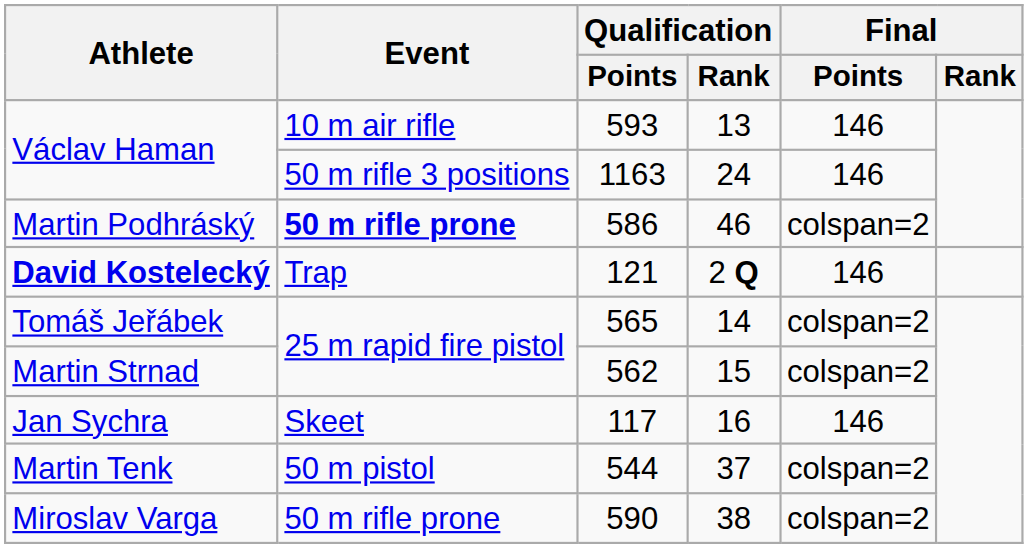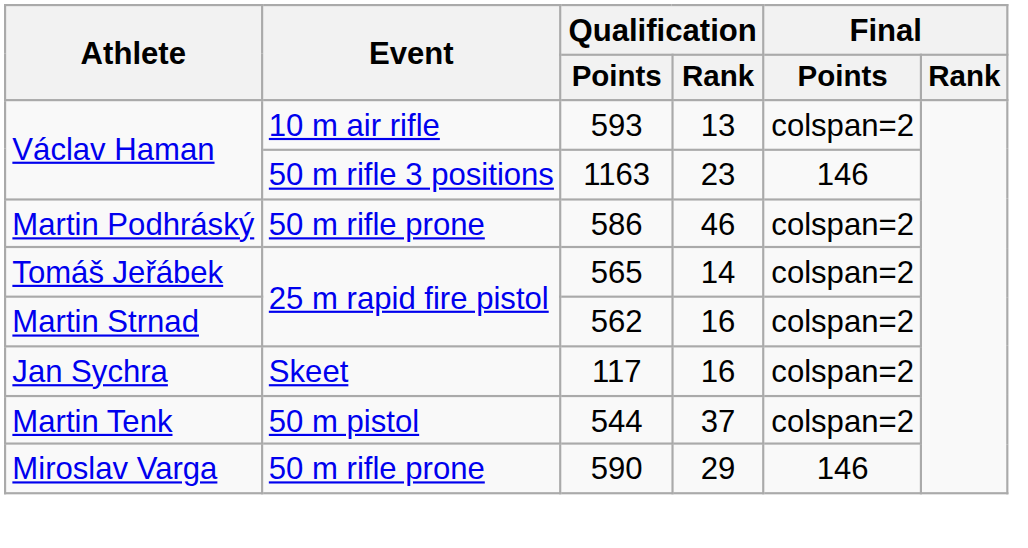 <table class="wikitable" style="font-size:90%">
 <tr>
 <th rowspan="2">Athlete</th>
 <th rowspan="2">Event</th>
 <th colspan=2>Qualification</th>
 <th colspan=2>Final</th>
 </tr>
 <tr style="font-size:95%">
 <th>Points</th>
 <th>Rank</th>
 <th>Points</th>
 <th>Rank</th>
 </tr>
 <tr align=center>
 <td align=left rowspan=2><a href='#'>Václav Haman</a></td>
 <td align=left><a href='#'>10 m air rifle</a></td>
 <td>593</td>
 <td>13</td>
-<td>146 </td>
+<td>colspan=2 </td>
 </tr>
 <tr align=center>
 <td align=left><a href='#'>50 m rifle 3 positions</a></td>
 <td>1163</td>
-<td>24</td>
+<td>23</td>
 <td>146 </td>
 </tr>
 <tr align=center>
 <td align=left><a href='#'>Martin Podhráský</a></td>
-<td align=left><strong><a href='#'>50 m rifle prone</a></strong></td>
+<td align=left><a href='#'>50 m rifle prone</a></td>
 <td>586</td>
 <td>46</td>
 <td>colspan=2 </td>
-</tr>
-<tr align=center>
-<td align=left><strong><a href='#'>David Kostelecký</a></strong></td>
-<td align=left><a href='#'>Trap</a></td>
-<td>121</td>
-<td>2 <strong>Q</strong></td>
-<td>146 </td>
-<td></td>
 </tr>
 <tr align=center>
 <td align=left><a href='#'>Tomáš Jeřábek</a></td>
 <td align=left rowspan=2><a href='#'>25 m rapid fire pistol</a></td>
 <td>565</td>
 <td>14</td>
 <td>colspan=2 </td>
 </tr>
 <tr align=center>
 <td align=left><a href='#'>Martin Strnad</a></td>
 <td>562</td>
-<td>15</td>
+<td>16</td>
 <td>colspan=2 </td>
 </tr>
 <tr align=center>
 <td align=left><a href='#'>Jan Sychra</a></td>
 <td align=left><a href='#'>Skeet</a></td>
 <td>117</td>
 <td>16</td>
-<td>146 </td>
+<td>colspan=2 </td>
 </tr>
 <tr align=center>
 <td align=left><a href='#'>Martin Tenk</a></td>
 <td align=left><a href='#'>50 m pistol</a></td>
 <td>544</td>
 <td>37</td>
 <td>colspan=2 </td>
 </tr>
 <tr align=center>
 <td align=left><a href='#'>Miroslav Varga</a></td>
 <td align=left><a href='#'>50 m rifle prone</a></td>
 <td>590</td>
-<td>38</td>
-<td>colspan=2 </td>
+<td>29</td>
+<td>146 </td>
 </tr>
 </table>
